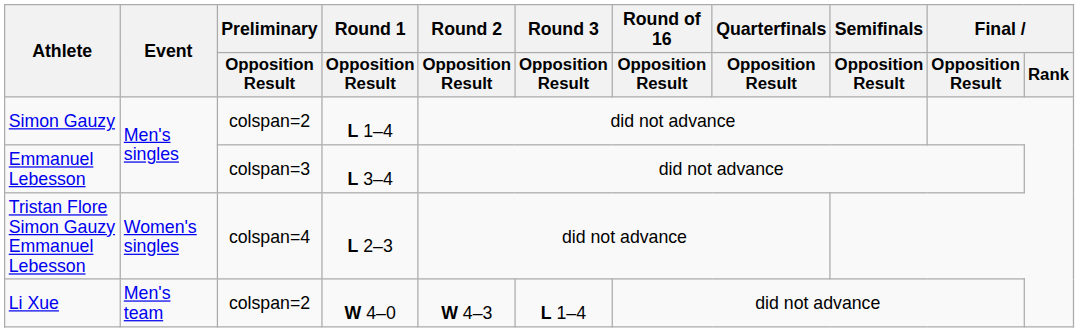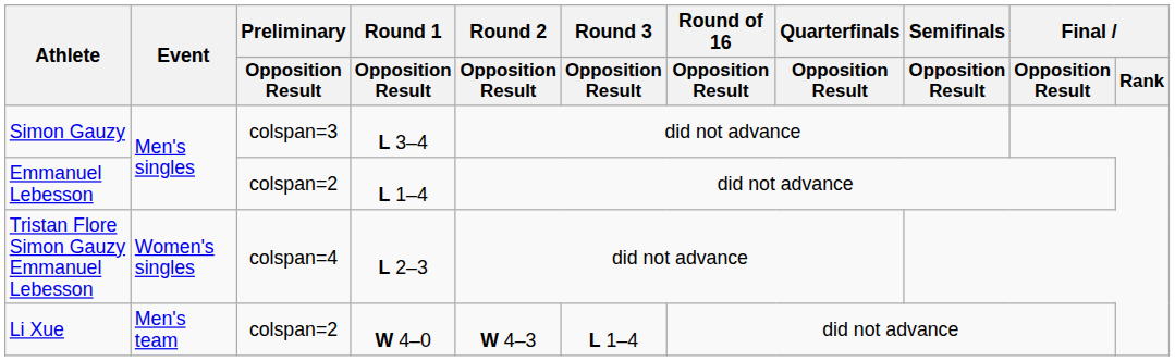 <table class="wikitable" style="font-size:90%;">
 <tr>
 <th rowspan=2>Athlete</th>
 <th rowspan=2>Event</th>
 <th>Preliminary</th>
 <th>Round 1</th>
 <th>Round 2</th>
 <th>Round 3</th>
 <th>Round of 16</th>
 <th>Quarterfinals</th>
 <th>Semifinals</th>
 <th colspan=2>Final / </th>
 </tr>
 <tr style="font-size:95%">
 <th>Opposition<br>Result</th>
 <th>Opposition<br>Result</th>
 <th>Opposition<br>Result</th>
 <th>Opposition<br>Result</th>
 <th>Opposition<br>Result</th>
 <th>Opposition<br>Result</th>
 <th>Opposition<br>Result</th>
 <th>Opposition<br>Result</th>
 <th>Rank</th>
 </tr>
 <tr align=center>
 <td align=left><a href='#'>Simon Gauzy</a></td>
 <td style="text-align:left;" rowspan="2"><a href='#'>Men's singles</a></td>
-<td>colspan=2 </td>
-<td><br><strong>L</strong> 1–4</td>
+<td>colspan=3 </td>
+<td><br><strong>L</strong> 3–4</td>
 <td colspan=5>did not advance</td>
 </tr>
 <tr align=center>
 <td align=left><a href='#'>Emmanuel Lebesson</a></td>
-<td>colspan=3 </td>
-<td><br><strong>L</strong> 3–4</td>
+<td>colspan=2 </td>
+<td><br><strong>L</strong> 1–4</td>
 <td colspan=6>did not advance</td>
 </tr>
 <tr align=center>
 <td align=left><a href='#'>Tristan Flore</a><br><a href='#'>Simon Gauzy</a><br><a href='#'>Emmanuel Lebesson</a></td>
 <td align=left><a href='#'>Women's singles</a></td>
 <td>colspan=4 </td>
 <td><br><strong>L</strong> 2–3</td>
 <td colspan=4>did not advance</td>
 </tr>
 <tr align=center>
 <td align=left><a href='#'>Li Xue</a></td>
 <td align=left><a href='#'>Men's team</a></td>
 <td>colspan=2 </td>
 <td><br><strong>W</strong> 4–0</td>
 <td><br><strong>W</strong> 4–3</td>
 <td><br><strong>L</strong> 1–4</td>
 <td colspan=4>did not advance</td>
 </tr>
 </table>
